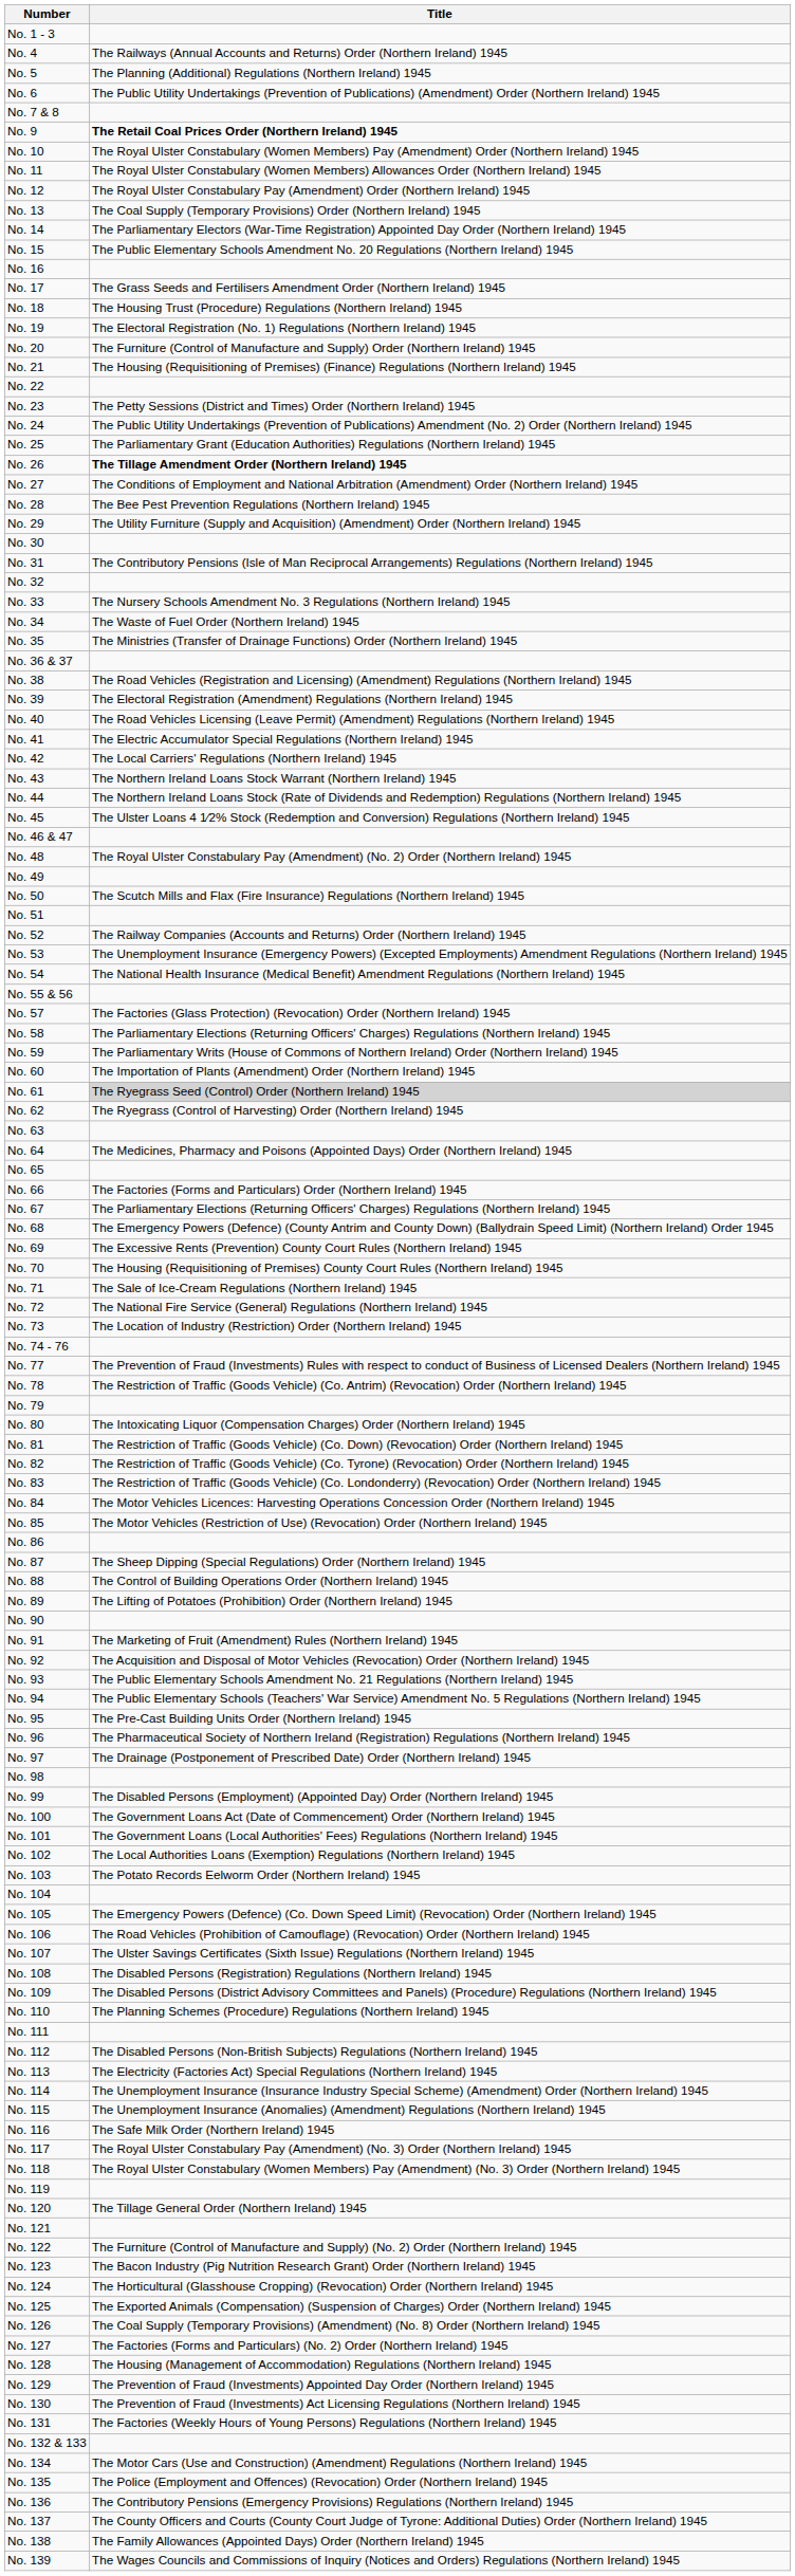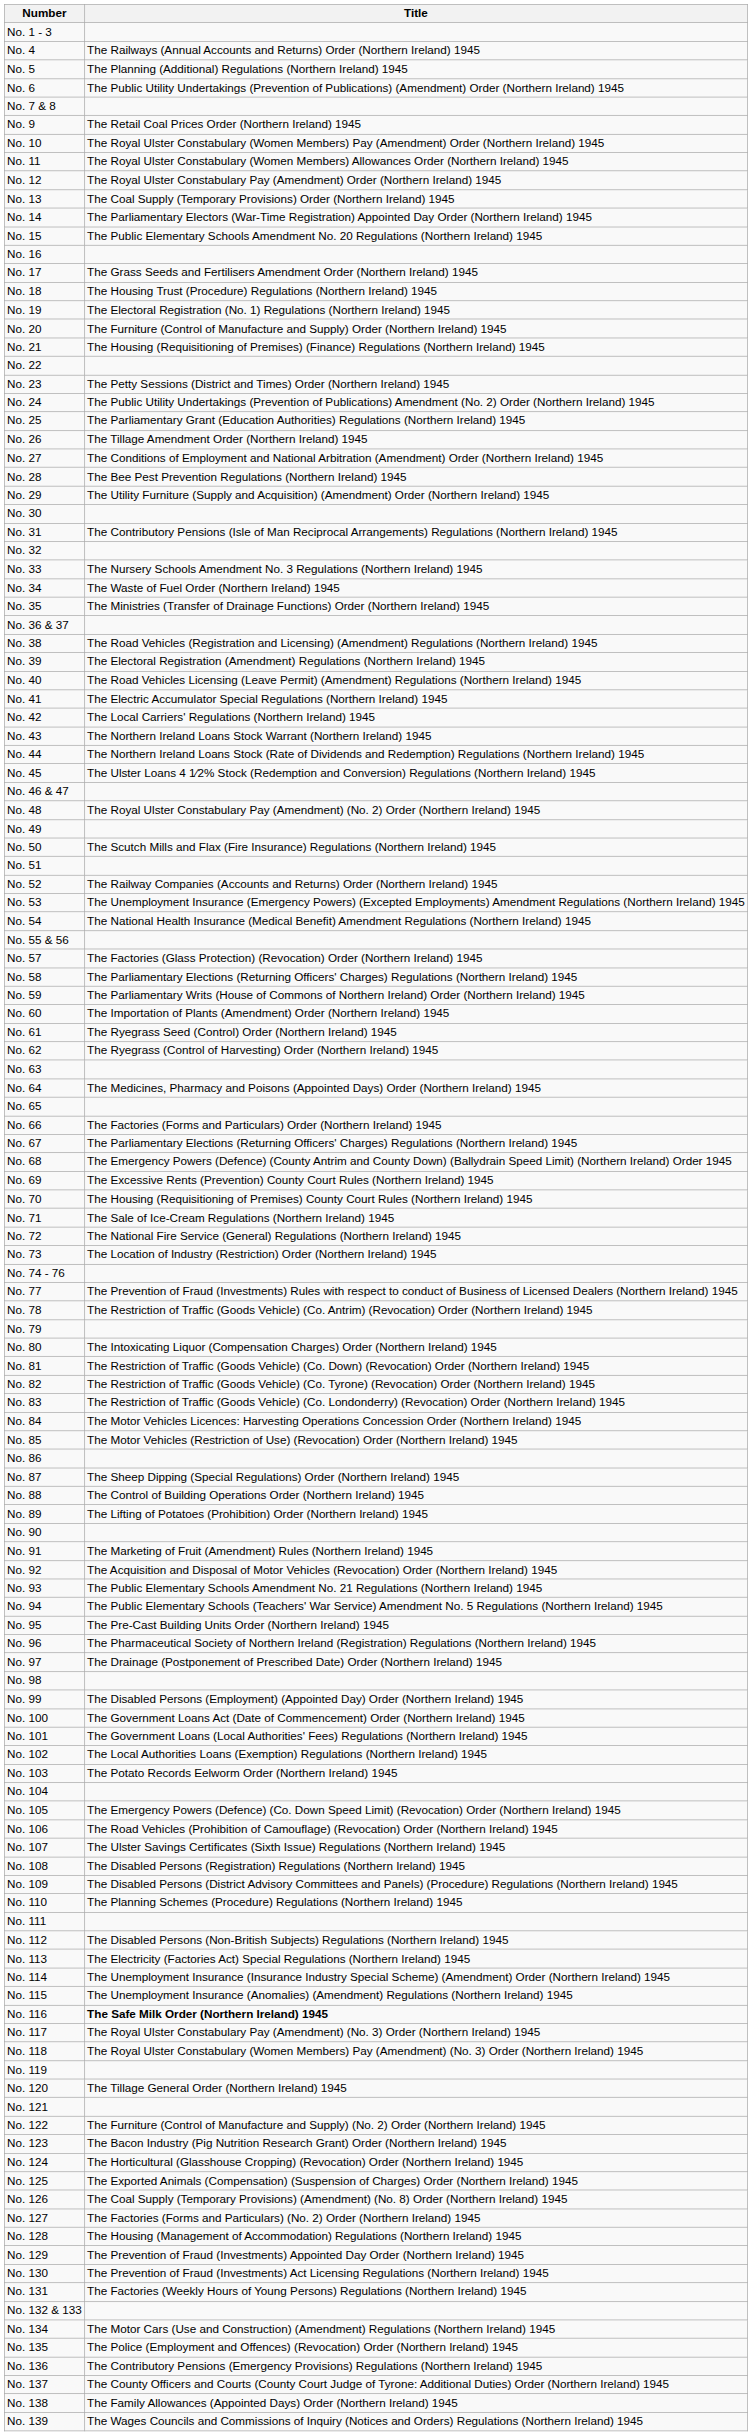 <table class="wikitable collapsible">
 <tr>
 <th>Number</th>
 <th>Title</th>
 </tr>
 <tr>
 <td>No. 1 - 3</td>
 <td></td>
 </tr>
 <tr>
 <td>No. 4</td>
 <td>The Railways (Annual Accounts and Returns) Order (Northern Ireland) 1945</td>
 </tr>
 <tr>
 <td>No. 5</td>
 <td>The Planning (Additional) Regulations (Northern Ireland) 1945</td>
 </tr>
 <tr>
 <td>No. 6</td>
 <td>The Public Utility Undertakings (Prevention of Publications) (Amendment) Order (Northern Ireland) 1945</td>
 </tr>
 <tr>
 <td>No. 7 & 8</td>
 <td></td>
 </tr>
 <tr>
 <td>No. 9</td>
-<td><strong>The Retail Coal Prices Order (Northern Ireland) 1945</strong></td>
+<td>The Retail Coal Prices Order (Northern Ireland) 1945</td>
 </tr>
 <tr>
 <td>No. 10</td>
 <td>The Royal Ulster Constabulary (Women Members) Pay (Amendment) Order (Northern Ireland) 1945</td>
 </tr>
 <tr>
 <td>No. 11</td>
 <td>The Royal Ulster Constabulary (Women Members) Allowances Order (Northern Ireland) 1945</td>
 </tr>
 <tr>
 <td>No. 12</td>
 <td>The Royal Ulster Constabulary Pay (Amendment) Order (Northern Ireland) 1945</td>
 </tr>
 <tr>
 <td>No. 13</td>
 <td>The Coal Supply (Temporary Provisions) Order (Northern Ireland) 1945</td>
 </tr>
 <tr>
 <td>No. 14</td>
 <td>The Parliamentary Electors (War-Time Registration) Appointed Day Order (Northern Ireland) 1945</td>
 </tr>
 <tr>
 <td>No. 15</td>
 <td>The Public Elementary Schools Amendment No. 20 Regulations (Northern Ireland) 1945</td>
 </tr>
 <tr>
 <td>No. 16</td>
 <td></td>
 </tr>
 <tr>
 <td>No. 17</td>
 <td>The Grass Seeds and Fertilisers Amendment Order (Northern Ireland) 1945</td>
 </tr>
 <tr>
 <td>No. 18</td>
 <td>The Housing Trust (Procedure) Regulations (Northern Ireland) 1945</td>
 </tr>
 <tr>
 <td>No. 19</td>
 <td>The Electoral Registration (No. 1) Regulations (Northern Ireland) 1945</td>
 </tr>
 <tr>
 <td>No. 20</td>
 <td>The Furniture (Control of Manufacture and Supply) Order (Northern Ireland) 1945</td>
 </tr>
 <tr>
 <td>No. 21</td>
 <td>The Housing (Requisitioning of Premises) (Finance) Regulations (Northern Ireland) 1945</td>
 </tr>
 <tr>
 <td>No. 22</td>
 <td></td>
 </tr>
 <tr>
 <td>No. 23</td>
 <td>The Petty Sessions (District and Times) Order (Northern Ireland) 1945</td>
 </tr>
 <tr>
 <td>No. 24</td>
 <td>The Public Utility Undertakings (Prevention of Publications) Amendment (No. 2) Order (Northern Ireland) 1945</td>
 </tr>
 <tr>
 <td>No. 25</td>
 <td>The Parliamentary Grant (Education Authorities) Regulations (Northern Ireland) 1945</td>
 </tr>
 <tr>
 <td>No. 26</td>
-<td><strong>The Tillage Amendment Order (Northern Ireland) 1945</strong></td>
+<td>The Tillage Amendment Order (Northern Ireland) 1945</td>
 </tr>
 <tr>
 <td>No. 27</td>
 <td>The Conditions of Employment and National Arbitration (Amendment) Order (Northern Ireland) 1945</td>
 </tr>
 <tr>
 <td>No. 28</td>
 <td>The Bee Pest Prevention Regulations (Northern Ireland) 1945</td>
 </tr>
 <tr>
 <td>No. 29</td>
 <td>The Utility Furniture (Supply and Acquisition) (Amendment) Order (Northern Ireland) 1945</td>
 </tr>
 <tr>
 <td>No. 30</td>
 <td></td>
 </tr>
 <tr>
 <td>No. 31</td>
 <td>The Contributory Pensions (Isle of Man Reciprocal Arrangements) Regulations (Northern Ireland) 1945</td>
 </tr>
 <tr>
 <td>No. 32</td>
 <td></td>
 </tr>
 <tr>
 <td>No. 33</td>
 <td>The Nursery Schools Amendment No. 3 Regulations (Northern Ireland) 1945</td>
 </tr>
 <tr>
 <td>No. 34</td>
 <td>The Waste of Fuel Order (Northern Ireland) 1945</td>
 </tr>
 <tr>
 <td>No. 35</td>
 <td>The Ministries (Transfer of Drainage Functions) Order (Northern Ireland) 1945</td>
 </tr>
 <tr>
 <td>No. 36 & 37</td>
 <td></td>
 </tr>
 <tr>
 <td>No. 38</td>
 <td>The Road Vehicles (Registration and Licensing) (Amendment) Regulations (Northern Ireland) 1945</td>
 </tr>
 <tr>
 <td>No. 39</td>
 <td>The Electoral Registration (Amendment) Regulations (Northern Ireland) 1945</td>
 </tr>
 <tr>
 <td>No. 40</td>
 <td>The Road Vehicles Licensing (Leave Permit) (Amendment) Regulations (Northern Ireland) 1945</td>
 </tr>
 <tr>
 <td>No. 41</td>
 <td>The Electric Accumulator Special Regulations (Northern Ireland) 1945</td>
 </tr>
 <tr>
 <td>No. 42</td>
 <td>The Local Carriers' Regulations (Northern Ireland) 1945</td>
 </tr>
 <tr>
 <td>No. 43</td>
 <td>The Northern Ireland Loans Stock Warrant (Northern Ireland) 1945</td>
 </tr>
 <tr>
 <td>No. 44</td>
 <td>The Northern Ireland Loans Stock (Rate of Dividends and Redemption) Regulations (Northern Ireland) 1945</td>
 </tr>
 <tr>
 <td>No. 45</td>
 <td>The Ulster Loans 4 1⁄2% Stock (Redemption and Conversion) Regulations (Northern Ireland) 1945</td>
 </tr>
 <tr>
 <td>No. 46 & 47</td>
 <td></td>
 </tr>
 <tr>
 <td>No. 48</td>
 <td>The Royal Ulster Constabulary Pay (Amendment) (No. 2) Order (Northern Ireland) 1945</td>
 </tr>
 <tr>
 <td>No. 49</td>
 <td></td>
 </tr>
 <tr>
 <td>No. 50</td>
 <td>The Scutch Mills and Flax (Fire Insurance) Regulations (Northern Ireland) 1945</td>
 </tr>
 <tr>
 <td>No. 51</td>
 <td></td>
 </tr>
 <tr>
 <td>No. 52</td>
 <td>The Railway Companies (Accounts and Returns) Order (Northern Ireland) 1945</td>
 </tr>
 <tr>
 <td>No. 53</td>
 <td>The Unemployment Insurance (Emergency Powers) (Excepted Employments) Amendment Regulations (Northern Ireland) 1945</td>
 </tr>
 <tr>
 <td>No. 54</td>
 <td>The National Health Insurance (Medical Benefit) Amendment Regulations (Northern Ireland) 1945</td>
 </tr>
 <tr>
 <td>No. 55 & 56</td>
 <td></td>
 </tr>
 <tr>
 <td>No. 57</td>
 <td>The Factories (Glass Protection) (Revocation) Order (Northern Ireland) 1945</td>
 </tr>
 <tr>
 <td>No. 58</td>
 <td>The Parliamentary Elections (Returning Officers' Charges) Regulations (Northern Ireland) 1945</td>
 </tr>
 <tr>
 <td>No. 59</td>
 <td>The Parliamentary Writs (House of Commons of Northern Ireland) Order (Northern Ireland) 1945</td>
 </tr>
 <tr>
 <td>No. 60</td>
 <td>The Importation of Plants (Amendment) Order (Northern Ireland) 1945</td>
 </tr>
 <tr>
 <td>No. 61</td>
-<td style="background: lightgrey;">The Ryegrass Seed (Control) Order (Northern Ireland) 1945</td>
+<td>The Ryegrass Seed (Control) Order (Northern Ireland) 1945</td>
 </tr>
 <tr>
 <td>No. 62</td>
 <td>The Ryegrass (Control of Harvesting) Order (Northern Ireland) 1945</td>
 </tr>
 <tr>
 <td>No. 63</td>
 <td></td>
 </tr>
 <tr>
 <td>No. 64</td>
 <td>The Medicines, Pharmacy and Poisons (Appointed Days) Order (Northern Ireland) 1945</td>
 </tr>
 <tr>
 <td>No. 65</td>
 <td></td>
 </tr>
 <tr>
 <td>No. 66</td>
 <td>The Factories (Forms and Particulars) Order (Northern Ireland) 1945</td>
 </tr>
 <tr>
 <td>No. 67</td>
 <td>The Parliamentary Elections (Returning Officers' Charges) Regulations (Northern Ireland) 1945</td>
 </tr>
 <tr>
 <td>No. 68</td>
 <td>The Emergency Powers (Defence) (County Antrim and County Down) (Ballydrain Speed Limit) (Northern Ireland) Order 1945</td>
 </tr>
 <tr>
 <td>No. 69</td>
 <td>The Excessive Rents (Prevention) County Court Rules (Northern Ireland) 1945</td>
 </tr>
 <tr>
 <td>No. 70</td>
 <td>The Housing (Requisitioning of Premises) County Court Rules (Northern Ireland) 1945</td>
 </tr>
 <tr>
 <td>No. 71</td>
 <td>The Sale of Ice-Cream Regulations (Northern Ireland) 1945</td>
 </tr>
 <tr>
 <td>No. 72</td>
 <td>The National Fire Service (General) Regulations (Northern Ireland) 1945</td>
 </tr>
 <tr>
 <td>No. 73</td>
 <td>The Location of Industry (Restriction) Order (Northern Ireland) 1945</td>
 </tr>
 <tr>
 <td>No. 74 - 76</td>
 <td></td>
 </tr>
 <tr>
 <td>No. 77</td>
 <td>The Prevention of Fraud (Investments) Rules with respect to conduct of Business of Licensed Dealers (Northern Ireland) 1945</td>
 </tr>
 <tr>
 <td>No. 78</td>
 <td>The Restriction of Traffic (Goods Vehicle) (Co. Antrim) (Revocation) Order (Northern Ireland) 1945</td>
 </tr>
 <tr>
 <td>No. 79</td>
 <td></td>
 </tr>
 <tr>
 <td>No. 80</td>
 <td>The Intoxicating Liquor (Compensation Charges) Order (Northern Ireland) 1945</td>
 </tr>
 <tr>
 <td>No. 81</td>
 <td>The Restriction of Traffic (Goods Vehicle) (Co. Down) (Revocation) Order (Northern Ireland) 1945</td>
 </tr>
 <tr>
 <td>No. 82</td>
 <td>The Restriction of Traffic (Goods Vehicle) (Co. Tyrone) (Revocation) Order (Northern Ireland) 1945</td>
 </tr>
 <tr>
 <td>No. 83</td>
 <td>The Restriction of Traffic (Goods Vehicle) (Co. Londonderry) (Revocation) Order (Northern Ireland) 1945</td>
 </tr>
 <tr>
 <td>No. 84</td>
 <td>The Motor Vehicles Licences: Harvesting Operations Concession Order (Northern Ireland) 1945</td>
 </tr>
 <tr>
 <td>No. 85</td>
 <td>The Motor Vehicles (Restriction of Use) (Revocation) Order (Northern Ireland) 1945</td>
 </tr>
 <tr>
 <td>No. 86</td>
 <td></td>
 </tr>
 <tr>
 <td>No. 87</td>
 <td>The Sheep Dipping (Special Regulations) Order (Northern Ireland) 1945</td>
 </tr>
 <tr>
 <td>No. 88</td>
 <td>The Control of Building Operations Order (Northern Ireland) 1945</td>
 </tr>
 <tr>
 <td>No. 89</td>
 <td>The Lifting of Potatoes (Prohibition) Order (Northern Ireland) 1945</td>
 </tr>
 <tr>
 <td>No. 90</td>
 <td></td>
 </tr>
 <tr>
 <td>No. 91</td>
 <td>The Marketing of Fruit (Amendment) Rules (Northern Ireland) 1945</td>
 </tr>
 <tr>
 <td>No. 92</td>
 <td>The Acquisition and Disposal of Motor Vehicles (Revocation) Order (Northern Ireland) 1945</td>
 </tr>
 <tr>
 <td>No. 93</td>
 <td>The Public Elementary Schools Amendment No. 21 Regulations (Northern Ireland) 1945</td>
 </tr>
 <tr>
 <td>No. 94</td>
 <td>The Public Elementary Schools (Teachers' War Service) Amendment No. 5 Regulations (Northern Ireland) 1945</td>
 </tr>
 <tr>
 <td>No. 95</td>
 <td>The Pre-Cast Building Units Order (Northern Ireland) 1945</td>
 </tr>
 <tr>
 <td>No. 96</td>
 <td>The Pharmaceutical Society of Northern Ireland (Registration) Regulations (Northern Ireland) 1945</td>
 </tr>
 <tr>
 <td>No. 97</td>
 <td>The Drainage (Postponement of Prescribed Date) Order (Northern Ireland) 1945</td>
 </tr>
 <tr>
 <td>No. 98</td>
 <td></td>
 </tr>
 <tr>
 <td>No. 99</td>
 <td>The Disabled Persons (Employment) (Appointed Day) Order (Northern Ireland) 1945</td>
 </tr>
 <tr>
 <td>No. 100</td>
 <td>The Government Loans Act (Date of Commencement) Order (Northern Ireland) 1945</td>
 </tr>
 <tr>
 <td>No. 101</td>
 <td>The Government Loans (Local Authorities' Fees) Regulations (Northern Ireland) 1945</td>
 </tr>
 <tr>
 <td>No. 102</td>
 <td>The Local Authorities Loans (Exemption) Regulations (Northern Ireland) 1945</td>
 </tr>
 <tr>
 <td>No. 103</td>
 <td>The Potato Records Eelworm Order (Northern Ireland) 1945</td>
 </tr>
 <tr>
 <td>No. 104</td>
 <td></td>
 </tr>
 <tr>
 <td>No. 105</td>
 <td>The Emergency Powers (Defence) (Co. Down Speed Limit) (Revocation) Order (Northern Ireland) 1945</td>
 </tr>
 <tr>
 <td>No. 106</td>
 <td>The Road Vehicles (Prohibition of Camouflage) (Revocation) Order (Northern Ireland) 1945</td>
 </tr>
 <tr>
 <td>No. 107</td>
 <td>The Ulster Savings Certificates (Sixth Issue) Regulations (Northern Ireland) 1945</td>
 </tr>
 <tr>
 <td>No. 108</td>
 <td>The Disabled Persons (Registration) Regulations (Northern Ireland) 1945</td>
 </tr>
 <tr>
 <td>No. 109</td>
 <td>The Disabled Persons (District Advisory Committees and Panels) (Procedure) Regulations (Northern Ireland) 1945</td>
 </tr>
 <tr>
 <td>No. 110</td>
 <td>The Planning Schemes (Procedure) Regulations (Northern Ireland) 1945</td>
 </tr>
 <tr>
 <td>No. 111</td>
 <td></td>
 </tr>
 <tr>
 <td>No. 112</td>
 <td>The Disabled Persons (Non-British Subjects) Regulations (Northern Ireland) 1945</td>
 </tr>
 <tr>
 <td>No. 113</td>
 <td>The Electricity (Factories Act) Special Regulations (Northern Ireland) 1945</td>
 </tr>
 <tr>
 <td>No. 114</td>
 <td>The Unemployment Insurance (Insurance Industry Special Scheme) (Amendment) Order (Northern Ireland) 1945</td>
 </tr>
 <tr>
 <td>No. 115</td>
 <td>The Unemployment Insurance (Anomalies) (Amendment) Regulations (Northern Ireland) 1945</td>
 </tr>
 <tr>
 <td>No. 116</td>
-<td>The Safe Milk Order (Northern Ireland) 1945</td>
+<td><strong>The Safe Milk Order (Northern Ireland) 1945</strong></td>
 </tr>
 <tr>
 <td>No. 117</td>
 <td>The Royal Ulster Constabulary Pay (Amendment) (No. 3) Order (Northern Ireland) 1945</td>
 </tr>
 <tr>
 <td>No. 118</td>
 <td>The Royal Ulster Constabulary (Women Members) Pay (Amendment) (No. 3) Order (Northern Ireland) 1945</td>
 </tr>
 <tr>
 <td>No. 119</td>
 <td></td>
 </tr>
 <tr>
 <td>No. 120</td>
 <td>The Tillage General Order (Northern Ireland) 1945</td>
 </tr>
 <tr>
 <td>No. 121</td>
 <td></td>
 </tr>
 <tr>
 <td>No. 122</td>
 <td>The Furniture (Control of Manufacture and Supply) (No. 2) Order (Northern Ireland) 1945</td>
 </tr>
 <tr>
 <td>No. 123</td>
 <td>The Bacon Industry (Pig Nutrition Research Grant) Order (Northern Ireland) 1945</td>
 </tr>
 <tr>
 <td>No. 124</td>
 <td>The Horticultural (Glasshouse Cropping) (Revocation) Order (Northern Ireland) 1945</td>
 </tr>
 <tr>
 <td>No. 125</td>
 <td>The Exported Animals (Compensation) (Suspension of Charges) Order (Northern Ireland) 1945</td>
 </tr>
 <tr>
 <td>No. 126</td>
 <td>The Coal Supply (Temporary Provisions) (Amendment) (No. 8) Order (Northern Ireland) 1945</td>
 </tr>
 <tr>
 <td>No. 127</td>
 <td>The Factories (Forms and Particulars) (No. 2) Order (Northern Ireland) 1945</td>
 </tr>
 <tr>
 <td>No. 128</td>
 <td>The Housing (Management of Accommodation) Regulations (Northern Ireland) 1945</td>
 </tr>
 <tr>
 <td>No. 129</td>
 <td>The Prevention of Fraud (Investments) Appointed Day Order (Northern Ireland) 1945</td>
 </tr>
 <tr>
 <td>No. 130</td>
 <td>The Prevention of Fraud (Investments) Act Licensing Regulations (Northern Ireland) 1945</td>
 </tr>
 <tr>
 <td>No. 131</td>
 <td>The Factories (Weekly Hours of Young Persons) Regulations (Northern Ireland) 1945</td>
 </tr>
 <tr>
 <td>No. 132 & 133</td>
 <td></td>
 </tr>
 <tr>
 <td>No. 134</td>
 <td>The Motor Cars (Use and Construction) (Amendment) Regulations (Northern Ireland) 1945</td>
 </tr>
 <tr>
 <td>No. 135</td>
 <td>The Police (Employment and Offences) (Revocation) Order (Northern Ireland) 1945</td>
 </tr>
 <tr>
 <td>No. 136</td>
 <td>The Contributory Pensions (Emergency Provisions) Regulations (Northern Ireland) 1945</td>
 </tr>
 <tr>
 <td>No. 137</td>
 <td>The County Officers and Courts (County Court Judge of Tyrone: Additional Duties) Order (Northern Ireland) 1945</td>
 </tr>
 <tr>
 <td>No. 138</td>
 <td>The Family Allowances (Appointed Days) Order (Northern Ireland) 1945</td>
 </tr>
 <tr>
 <td>No. 139</td>
 <td>The Wages Councils and Commissions of Inquiry (Notices and Orders) Regulations (Northern Ireland) 1945</td>
 </tr>
 </table>
